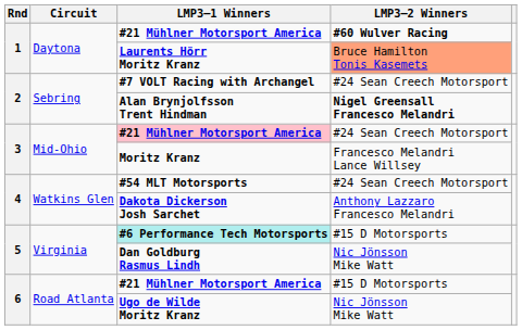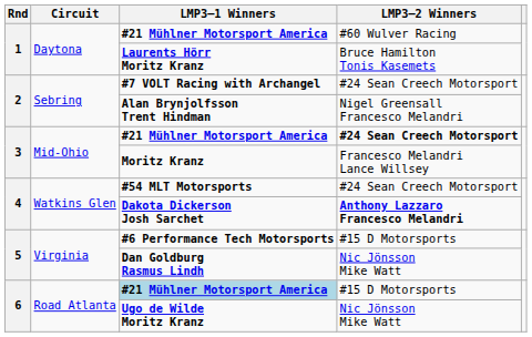 <table class="wikitable" style="font-size:85%">
 <tr>
 <th>Rnd</th>
 <th>Circuit</th>
 <th>LMP3–1 Winners</th>
 <th>LMP3–2 Winners</th>
 <th></th>
 </tr>
 <tr>
 <th rowspan=2>1</th>
 <td rowspan=2><a href='#'>Daytona</a></td>
 <td><strong> #21 <a href='#'>Mühlner Motorsport America</a></strong></td>
-<td><strong> #60 Wulver Racing</strong></td>
+<td> #60 Wulver Racing</td>
 <td rowspan=2 align=center></td>
 </tr>
 <tr>
 <td><strong> <a href='#'>Laurents Hörr</a><br> Moritz Kranz</strong></td>
-<td style="background: lightsalmon;"> Bruce Hamilton<br> <a href='#'>Tonis Kasemets</a></td>
+<td> Bruce Hamilton<br> <a href='#'>Tonis Kasemets</a></td>
 </tr>
 <tr>
 <th rowspan=2>2</th>
 <td rowspan=2><a href='#'>Sebring</a></td>
 <td><strong> #7 VOLT Racing with Archangel</strong></td>
 <td> #24 Sean Creech Motorsport</td>
 <td rowspan=2 align=center></td>
 </tr>
 <tr>
 <td><strong> Alan Brynjolfsson<br> Trent Hindman</strong></td>
-<td><strong> Nigel Greensall<br> Francesco Melandri</strong></td>
+<td> Nigel Greensall<br> Francesco Melandri</td>
 </tr>
 <tr>
 <th rowspan=2>3</th>
 <td rowspan=2><a href='#'>Mid-Ohio</a></td>
-<td style="background: pink;"><strong> #21 <a href='#'>Mühlner Motorsport America</a></strong></td>
-<td> #24 Sean Creech Motorsport</td>
+<td><strong> #21 <a href='#'>Mühlner Motorsport America</a></strong></td>
+<td><strong> #24 Sean Creech Motorsport</strong></td>
 <td rowspan=2 align=center></td>
 </tr>
 <tr>
 <td><strong> Moritz Kranz</strong></td>
 <td> Francesco Melandri<br> Lance Willsey</td>
 </tr>
 <tr>
 <th rowspan=2>4</th>
 <td rowspan=2><a href='#'>Watkins Glen</a></td>
 <td><strong> #54 MLT Motorsports</strong></td>
 <td> #24 Sean Creech Motorsport</td>
 <td rowspan=2 align=center></td>
 </tr>
 <tr>
 <td><strong> <a href='#'>Dakota Dickerson</a><br> Josh Sarchet</strong></td>
-<td> <a href='#'>Anthony Lazzaro</a><br> Francesco Melandri</td>
+<td><strong> <a href='#'>Anthony Lazzaro</a><br> Francesco Melandri</strong></td>
 </tr>
 <tr>
 <th rowspan=2>5</th>
 <td rowspan=2><a href='#'>Virginia</a></td>
-<td style="background: paleturquoise;"><strong> #6 Performance Tech Motorsports</strong></td>
+<td><strong> #6 Performance Tech Motorsports</strong></td>
 <td> #15 D Motorsports</td>
 <td rowspan=2 align=center></td>
 </tr>
 <tr>
 <td><strong> Dan Goldburg<br> <a href='#'>Rasmus Lindh</a></strong></td>
 <td> <a href='#'>Nic Jönsson</a><br> Mike Watt</td>
 </tr>
 <tr>
 <th rowspan=2>6</th>
 <td rowspan=2><a href='#'>Road Atlanta</a></td>
-<td><strong> #21 <a href='#'>Mühlner Motorsport America</a></strong></td>
+<td style="background: lightblue;"><strong> #21 <a href='#'>Mühlner Motorsport America</a></strong></td>
 <td> #15 D Motorsports</td>
 <td rowspan=2 align=center></td>
 </tr>
 <tr>
 <td><strong> <a href='#'>Ugo de Wilde</a><br> Moritz Kranz</strong></td>
 <td> <a href='#'>Nic Jönsson</a><br> Mike Watt</td>
 </tr>
 </table>
